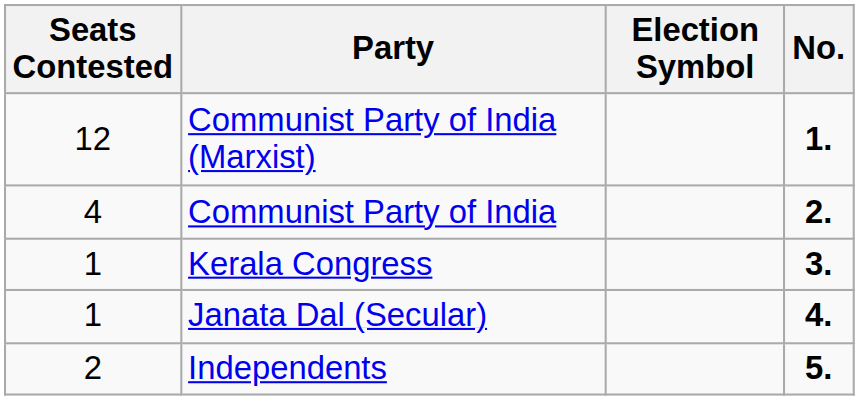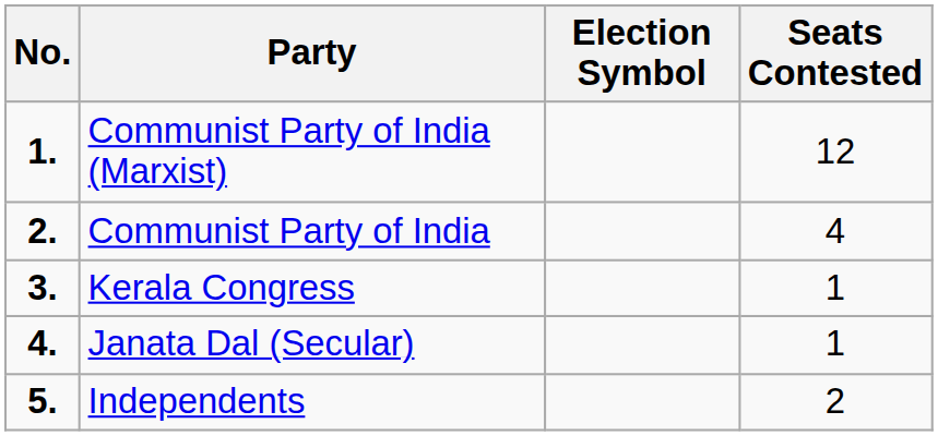 <table class="wikitable">
 <tr>
-<th scope="col" style="width:60px;">Seats Contested</th>
+<th scope="col" style="width:4px;">No.</th>
 <th scope="col" style="width:200px;">Party</th>
 <th scope="col" style="width:80px;">Election Symbol</th>
-<th scope="col" style="width:4px;">No.</th>
+<th scope="col" style="width:60px;">Seats Contested</th>
 </tr>
 <tr style="height: 45px;">
-<td style="text-align:center;">12</td>
+<td style="text-align:center; background:"><strong>1.</strong></td>
 <td><a href='#'>Communist Party of India (Marxist)</a></td>
 <td></td>
-<td style="text-align:center; background:"><strong>1.</strong></td>
+<td style="text-align:center;">12</td>
 </tr>
 <tr style="height: 4px;">
-<td style="text-align:center;">4</td>
+<td style="text-align:center; background:"><strong>2.</strong></td>
 <td><a href='#'>Communist Party of India</a></td>
 <td></td>
-<td style="text-align:center; background:"><strong>2.</strong></td>
+<td style="text-align:center;">4</td>
 </tr>
 <tr style="height: 4px;">
-<td style="text-align:center;">1</td>
+<td style="text-align:center; background:"><strong>3.</strong></td>
 <td><a href='#'>Kerala Congress</a></td>
 <td style="text-align:center;"></td>
-<td style="text-align:center; background:"><strong>3.</strong></td>
+<td style="text-align:center;">1</td>
 </tr>
 <tr>
-<td style="text-align:center;">1</td>
+<td style="text-align:center; background:"><strong>4.</strong></td>
 <td><a href='#'>Janata Dal (Secular)</a></td>
 <td style="text-align:center;"></td>
-<td style="text-align:center; background:"><strong>4.</strong></td>
+<td style="text-align:center;">1</td>
 </tr>
 <tr>
-<td style="text-align:center;">2</td>
+<td style="text-align:center; background:"><strong>5.</strong></td>
 <td><a href='#'>Independents</a></td>
 <td style="text-align:center;"></td>
-<td style="text-align:center; background:"><strong>5.</strong></td>
+<td style="text-align:center;">2</td>
 </tr>
 </table>
